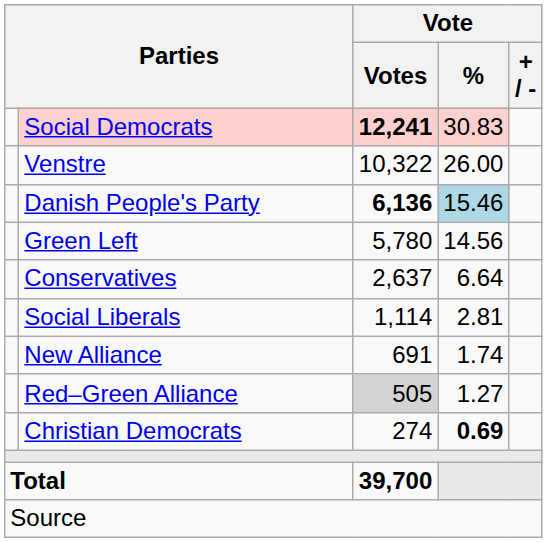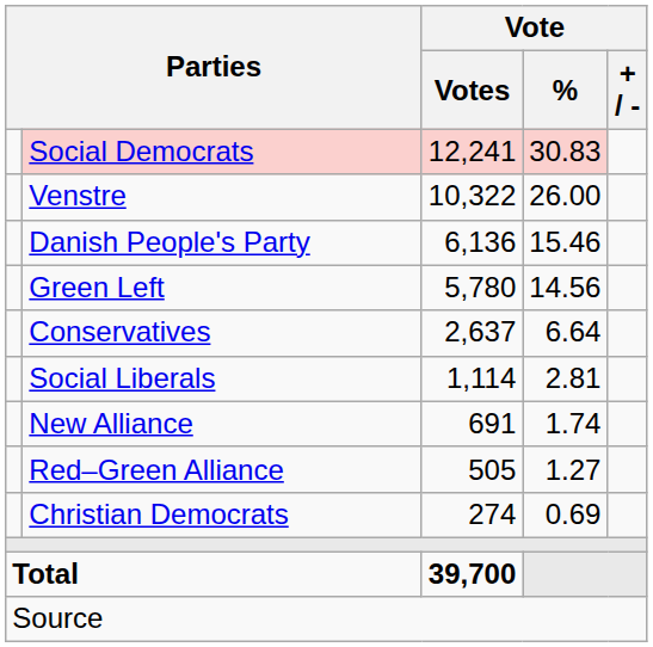 <table class="wikitable" style="text-align:right;">
 <tr>
 <th style="text-align:centre;" rowspan="2" colspan="2" width="225">Parties</th>
 <th colspan="3">Vote</th>
 </tr>
 <tr>
 <th width="15">Votes</th>
 <th width="15">%</th>
 <th width="15">+ / -</th>
 </tr>
 <tr>
 <td width="2" style="color:inherit;background:"></td>
 <td bgcolor=#fbd0ce  align="left"><a href='#'>Social Democrats</a></td>
-<td bgcolor=#fbd0ce><strong>12,241</strong></td>
+<td bgcolor=#fbd0ce>12,241</td>
 <td bgcolor=#fbd0ce>30.83</td>
 <td></td>
 </tr>
 <tr>
 <td width="2" style="color:inherit;background:"></td>
 <td align="left"><a href='#'>Venstre</a></td>
 <td>10,322</td>
 <td>26.00</td>
 <td></td>
 </tr>
 <tr>
 <td width="2" style="color:inherit;background:"></td>
 <td align="left"><a href='#'>Danish People's Party</a></td>
-<td><strong>6,136</strong></td>
-<td style="background: lightblue;">15.46</td>
+<td>6,136</td>
+<td>15.46</td>
 <td></td>
 </tr>
 <tr>
 <td width="2" style="color:inherit;background:"></td>
 <td align="left"><a href='#'>Green Left</a></td>
 <td>5,780</td>
 <td>14.56</td>
 <td></td>
 </tr>
 <tr>
 <td width="2" style="color:inherit;background:"></td>
 <td align="left"><a href='#'>Conservatives</a></td>
 <td>2,637</td>
 <td>6.64</td>
 <td></td>
 </tr>
 <tr>
 <td width="2" style="color:inherit;background:"></td>
 <td align="left"><a href='#'>Social Liberals</a></td>
 <td>1,114</td>
 <td>2.81</td>
 <td></td>
 </tr>
 <tr>
 <td width="2" style="color:inherit;background:"></td>
 <td align="left"><a href='#'>New Alliance</a></td>
 <td>691</td>
 <td>1.74</td>
 <td></td>
 </tr>
 <tr>
 <td width="2" style="color:inherit;background:"></td>
 <td align="left"><a href='#'>Red–Green Alliance</a></td>
-<td style="background: lightgrey;">505</td>
+<td>505</td>
 <td>1.27</td>
 <td></td>
 </tr>
 <tr>
 <td width="2" style="color:inherit;background:"></td>
 <td align="left"><a href='#'>Christian Democrats</a></td>
 <td>274</td>
-<td><strong>0.69</strong></td>
+<td>0.69</td>
 <td></td>
 </tr>
 <tr>
 <td colspan="7" bgcolor="#E9E9E9"></td>
 </tr>
 <tr>
 <td align="left" colspan="2"><strong>Total</strong></td>
 <td><strong>39,700</strong></td>
 <td bgcolor="#E9E9E9" colspan="2"></td>
 </tr>
 <tr>
 <td align="left" colspan="6">Source</td>
 </tr>
 </table>
